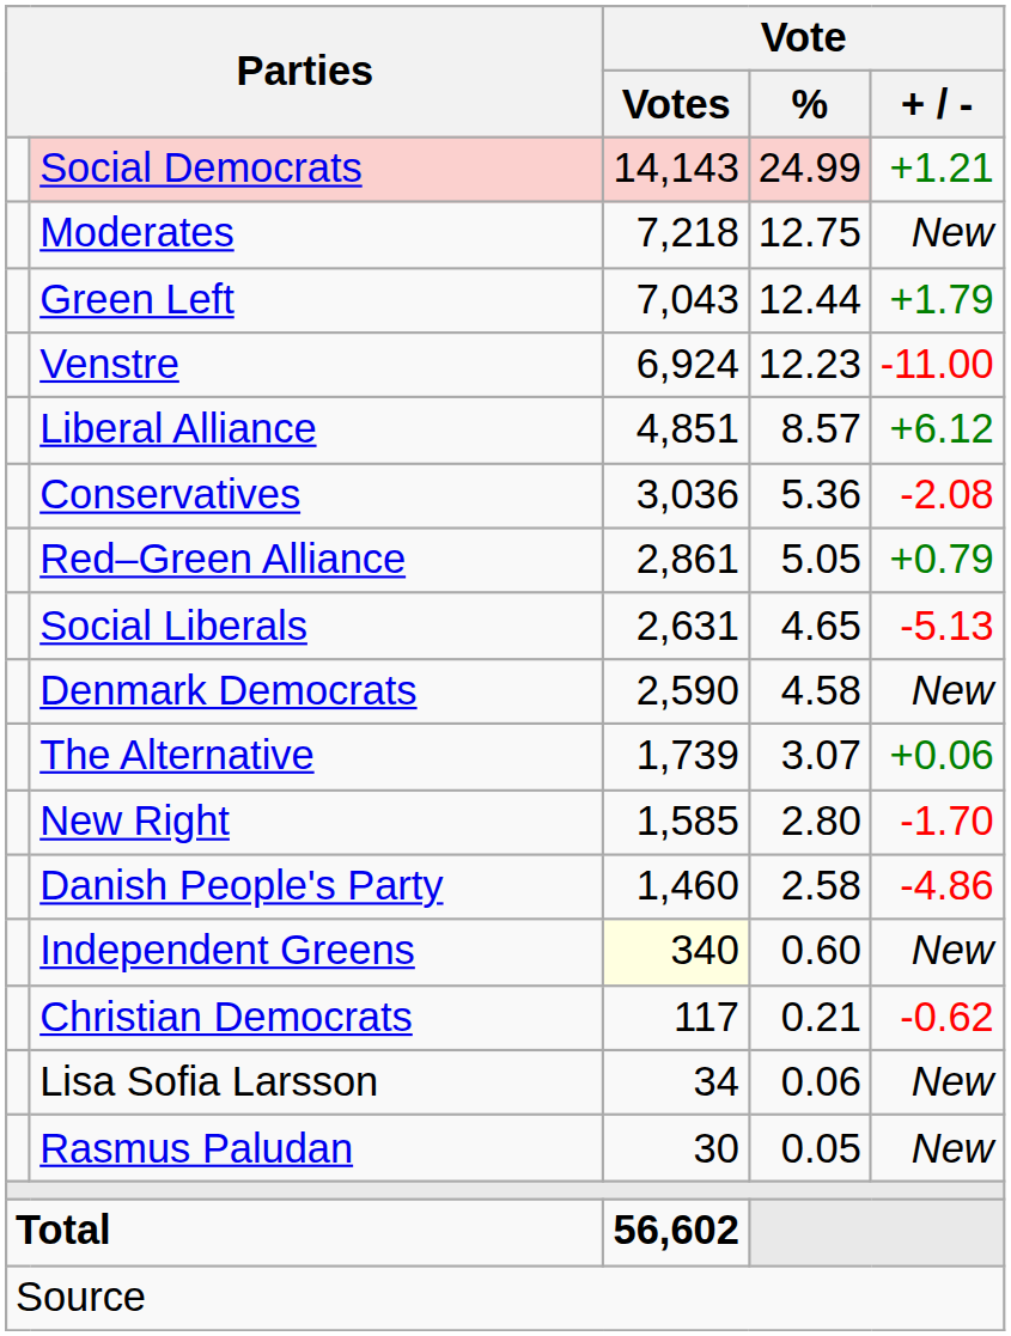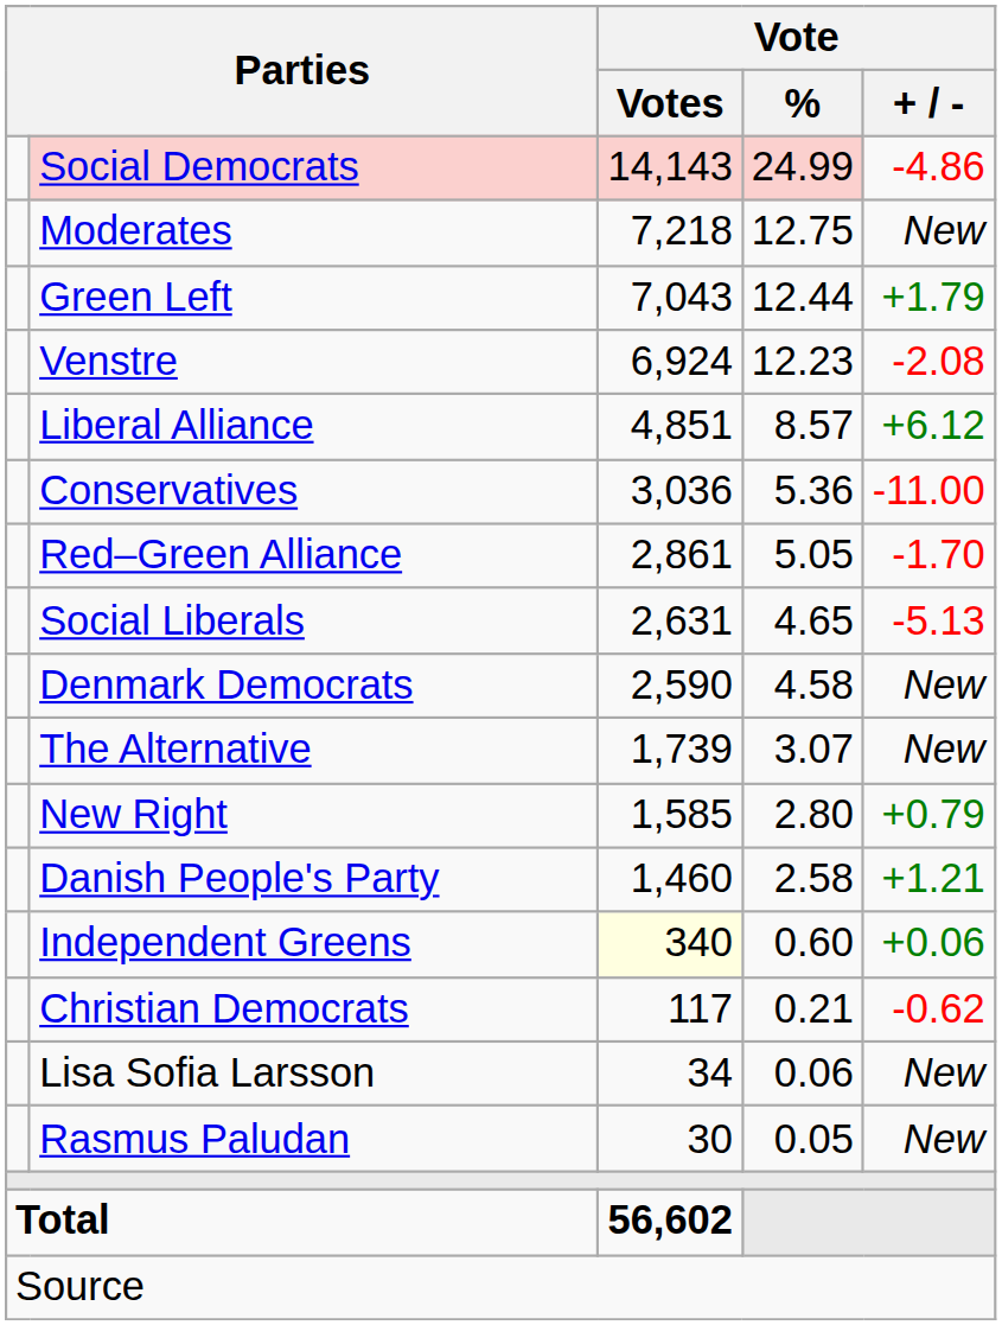 <table class="wikitable" style="text-align:right;">
 <tr>
 <th style="text-align:centre;" rowspan="2" colspan="2" width="225">Parties</th>
 <th colspan="3">Vote</th>
 </tr>
 <tr>
 <th width="15">Votes</th>
 <th width="15">%</th>
 <th width="15">+ / -</th>
 </tr>
 <tr>
 <td width="2" style="color:inherit;background:"></td>
 <td bgcolor=#fbd0ce  align="left"><a href='#'>Social Democrats</a></td>
 <td bgcolor=#fbd0ce>14,143</td>
 <td bgcolor=#fbd0ce>24.99</td>
-<td style=color:green;>+1.21</td>
+<td style=color:red;>-4.86</td>
 </tr>
 <tr>
 <td width="2" style="color:inherit;background:"></td>
 <td align="left"><a href='#'>Moderates</a></td>
 <td>7,218</td>
 <td>12.75</td>
 <td><em>New</em></td>
 </tr>
 <tr>
 <td width="2" style="color:inherit;background:"></td>
 <td align="left"><a href='#'>Green Left</a></td>
 <td>7,043</td>
 <td>12.44</td>
 <td style=color:green;>+1.79</td>
 </tr>
 <tr>
 <td width="2" style="color:inherit;background:"></td>
 <td align="left"><a href='#'>Venstre</a></td>
 <td>6,924</td>
 <td>12.23</td>
-<td style=color:red;>-11.00</td>
+<td style=color:red;>-2.08</td>
 </tr>
 <tr>
 <td width="2" style="color:inherit;background:"></td>
 <td align="left"><a href='#'>Liberal Alliance</a></td>
 <td>4,851</td>
 <td>8.57</td>
 <td style=color:green;>+6.12</td>
 </tr>
 <tr>
 <td width="2" style="color:inherit;background:"></td>
 <td align="left"><a href='#'>Conservatives</a></td>
 <td>3,036</td>
 <td>5.36</td>
-<td style=color:red;>-2.08</td>
+<td style=color:red;>-11.00</td>
 </tr>
 <tr>
 <td width="2" style="color:inherit;background:"></td>
 <td align="left"><a href='#'>Red–Green Alliance</a></td>
 <td>2,861</td>
 <td>5.05</td>
-<td style=color:green;>+0.79</td>
+<td style=color:red;>-1.70</td>
 </tr>
 <tr>
 <td width="2" style="color:inherit;background:"></td>
 <td align="left"><a href='#'>Social Liberals</a></td>
 <td>2,631</td>
 <td>4.65</td>
 <td style=color:red;>-5.13</td>
 </tr>
 <tr>
 <td width="2" style="color:inherit;background:"></td>
 <td align="left"><a href='#'>Denmark Democrats</a></td>
 <td>2,590</td>
 <td>4.58</td>
 <td><em>New</em></td>
 </tr>
 <tr>
 <td width="2" style="color:inherit;background:"></td>
 <td align="left"><a href='#'>The Alternative</a></td>
 <td>1,739</td>
 <td>3.07</td>
-<td style=color:green;>+0.06</td>
+<td><em>New</em></td>
 </tr>
 <tr>
 <td width="2" style="color:inherit;background:"></td>
 <td align="left"><a href='#'>New Right</a></td>
 <td>1,585</td>
 <td>2.80</td>
-<td style=color:red;>-1.70</td>
+<td style=color:green;>+0.79</td>
 </tr>
 <tr>
 <td width="2" style="color:inherit;background:"></td>
 <td align="left"><a href='#'>Danish People's Party</a></td>
 <td>1,460</td>
 <td>2.58</td>
-<td style=color:red;>-4.86</td>
+<td style=color:green;>+1.21</td>
 </tr>
 <tr>
 <td width="2" style="color:inherit;background:"></td>
 <td align="left"><a href='#'>Independent Greens</a></td>
 <td style="background: lightyellow;">340</td>
 <td>0.60</td>
-<td><em>New</em></td>
+<td style=color:green;>+0.06</td>
 </tr>
 <tr>
 <td width="2" style="color:inherit;background:"></td>
 <td align="left"><a href='#'>Christian Democrats</a></td>
 <td>117</td>
 <td>0.21</td>
 <td style=color:red;>-0.62</td>
 </tr>
 <tr>
 <td width="2" style="color:inherit;background:"></td>
 <td align="left">Lisa Sofia Larsson</td>
 <td>34</td>
 <td>0.06</td>
 <td><em>New</em></td>
 </tr>
 <tr>
 <td width="2" style="color:inherit;background:"></td>
 <td align="left"><a href='#'>Rasmus Paludan</a></td>
 <td>30</td>
 <td>0.05</td>
 <td><em>New</em></td>
 </tr>
 <tr>
 <td colspan="7" bgcolor="#E9E9E9"></td>
 </tr>
 <tr>
 <td align="left" colspan="2"><strong>Total</strong></td>
 <td><strong>56,602</strong></td>
 <td bgcolor="#E9E9E9" colspan="2"></td>
 </tr>
 <tr>
 <td align="left" colspan="6">Source</td>
 </tr>
 </table>
